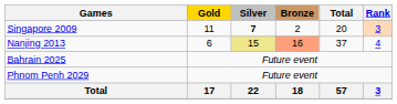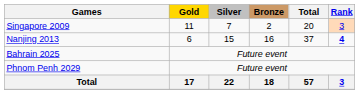 <table class="wikitable" style="text-align:center; font-size:90%;">
 <tr>
 <th style="width:18em;">Games</th>
 <th style="width:4em; background:gold;">Gold</th>
 <th style="width:4em; background:silver;">Silver</th>
 <th style="width:4em; background:#cc9966;">Bronze</th>
 <th style="width:4em;">Total</th>
 <th style="width:2em;"><a href='#'>Rank</a></th>
 </tr>
 <tr>
 <td align=left> <a href='#'>Singapore 2009</a></td>
 <td>11</td>
-<td><strong>7</strong></td>
+<td>7</td>
 <td>2</td>
 <td>20</td>
 <td bgcolor=ffdab9><a href='#'>3</a></td>
 </tr>
 <tr>
 <td align=left> <a href='#'>Nanjing 2013</a></td>
 <td>6</td>
-<td style="background: khaki;">15</td>
-<td style="background: lightsalmon;">16</td>
+<td>15</td>
+<td>16</td>
 <td>37</td>
-<td><a href='#'>4</a></td>
+<td><strong><a href='#'>4</a></strong></td>
 </tr>
 <tr>
 <td align=left> <a href='#'>Bahrain 2025</a></td>
 <td colspan=5><em>Future event</em></td>
 </tr>
 <tr>
 <td align=left> <a href='#'>Phnom Penh 2029</a></td>
 <td colspan=5><em>Future event</em></td>
 </tr>
 <tr>
 <th><strong>Total</strong></th>
 <th><strong>17</strong></th>
 <th><strong>22</strong></th>
 <th><strong>18</strong></th>
 <th><strong>57</strong></th>
 <th><strong><a href='#'>3</a></strong></th>
 </tr>
 <tr class="sortbottom">
 </tr>
 </table>
